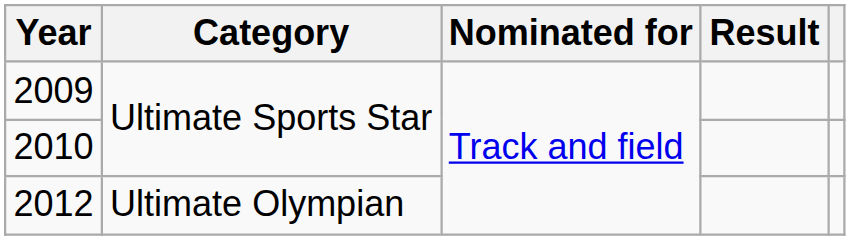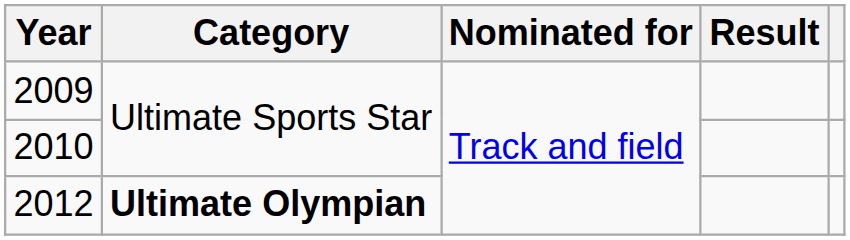 <table class="wikitable plainrowheaders">
 <tr>
 <th scope="col">Year</th>
 <th scope="col">Category</th>
 <th scope="col">Nominated for</th>
 <th scope="col">Result</th>
 <th scope="col"></th>
 </tr>
 <tr>
 <td align="center">2009</td>
 <td rowspan = "2">Ultimate Sports Star</td>
 <td rowspan = "3"><a href='#'>Track and field</a></td>
 <td></td>
 <td></td>
 </tr>
 <tr>
 <td align="center">2010</td>
 <td></td>
 <td></td>
 </tr>
 <tr>
 <td align="center">2012</td>
-<td>Ultimate Olympian</td>
+<td><strong>Ultimate Olympian</strong></td>
 <td></td>
 <td></td>
 </tr>
 </table>
